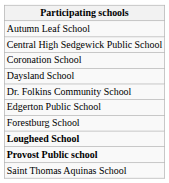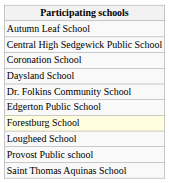 <table class="wikitable" align=right>
 <tr>
 <th>Participating schools</th>
 </tr>
 <tr>
 <td>Autumn Leaf School</td>
 </tr>
 <tr>
 <td>Central High Sedgewick Public School</td>
 </tr>
 <tr>
 <td>Coronation School</td>
 </tr>
 <tr>
 <td>Daysland School</td>
 </tr>
 <tr>
 <td>Dr. Folkins Community School</td>
 </tr>
 <tr>
 <td>Edgerton Public School</td>
 </tr>
 <tr>
-<td>Forestburg School</td>
+<td style="background: lightyellow;">Forestburg School</td>
 </tr>
 <tr>
-<td><strong>Lougheed School</strong></td>
+<td>Lougheed School</td>
 </tr>
 <tr>
-<td><strong>Provost Public school</strong></td>
+<td>Provost Public school</td>
 </tr>
 <tr>
 <td>Saint Thomas Aquinas School</td>
 </tr>
 </table>
